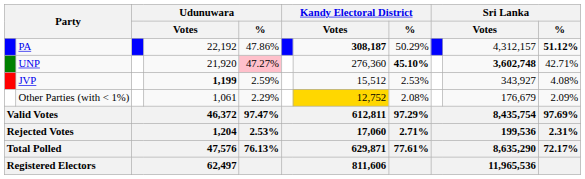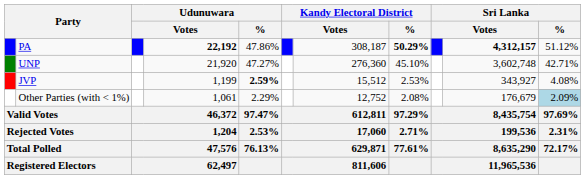 <table class="wikitable">
 <tr>
 <th colspan="2" width="144px"rowspan="2">Party</th>
 <th colspan="3" width="216px">Udunuwara</th>
 <th colspan="3" width="216px"><a href='#'>Kandy Electoral District</a></th>
 <th colspan="3" width="216px">Sri Lanka</th>
 </tr>
 <tr>
 <th colspan="2" width="144px">Votes</th>
 <th>%</th>
 <th colspan="2" width="144px">Votes</th>
 <th>%</th>
 <th colspan="2" width="144px">Votes</th>
 <th>%</th>
 </tr>
 <tr>
 <td style="background-color:blue;" width="10px"></td>
 <td style="text-align:left;"><a href='#'>PA</a></td>
 <td style="background-color:blue;" width="10px"></td>
-<td style="text-align:right;">22,192</td>
+<td style="text-align:right;"><strong>22,192</strong></td>
 <td style="text-align:right;">47.86%</td>
 <td style="background-color:blue;" width="10px"></td>
-<td style="text-align:right;"><strong>308,187</strong></td>
-<td style="text-align:right;">50.29%</td>
+<td style="text-align:right;">308,187</td>
+<td style="text-align:right;"><strong>50.29%</strong></td>
 <td style="background-color:blue;" width="10px"></td>
-<td style="text-align:right;">4,312,157</td>
-<td style="text-align:right;"><strong>51.12%</strong></td>
+<td style="text-align:right;"><strong>4,312,157</strong></td>
+<td style="text-align:right;">51.12%</td>
 </tr>
 <tr>
 <td style="background-color:green;" width="10px"></td>
 <td style="text-align:left;"><a href='#'>UNP</a></td>
 <td style="background-color:white;" width="10px"></td>
 <td style="text-align:right;">21,920</td>
-<td style="background: pink; text-align:right;">47.27%</td>
+<td style="text-align:right;">47.27%</td>
 <td style="background-color:white;" width="10px"></td>
 <td style="text-align:right;">276,360</td>
-<td style="text-align:right;"><strong>45.10%</strong></td>
+<td style="text-align:right;">45.10%</td>
 <td style="background-color:white;" width="10px"></td>
-<td style="text-align:right;"><strong>3,602,748</strong></td>
+<td style="text-align:right;">3,602,748</td>
 <td style="text-align:right;">42.71%</td>
 </tr>
 <tr>
 <td style="background-color:red;" width="10px"></td>
 <td style="text-align:left;"><a href='#'>JVP</a></td>
 <td style="background-color:white;" width="10px"></td>
-<td style="text-align:right;"><strong>1,199</strong></td>
-<td style="text-align:right;">2.59%</td>
+<td style="text-align:right;">1,199</td>
+<td style="text-align:right;"><strong>2.59%</strong></td>
 <td style="background-color:white;" width="10px"></td>
 <td style="text-align:right;">15,512</td>
 <td style="text-align:right;">2.53%</td>
 <td style="background-color:white;" width="10px"></td>
 <td style="text-align:right;">343,927</td>
 <td style="text-align:right;">4.08%</td>
 </tr>
 <tr>
 <td style="background-color:white;" width="10px"></td>
 <td style="text-align:left;">Other Parties (with < 1%)</td>
 <td style="background-color:white;" width="10px"></td>
 <td style="text-align:right;">1,061</td>
 <td style="text-align:right;">2.29%</td>
 <td style="background-color:white;" width="10px"></td>
-<td style="background: gold; text-align:right;">12,752</td>
+<td style="text-align:right;">12,752</td>
 <td style="text-align:right;">2.08%</td>
 <td style="background-color:white;" width="10px"></td>
 <td style="text-align:right;">176,679</td>
-<td style="text-align:right;">2.09%</td>
+<td style="background: lightblue; text-align:right;">2.09%</td>
 </tr>
 <tr>
 <th colspan="2" width="144px"style="text-align:left;">Valid Votes</th>
 <th style="text-align:right;"colspan="2" width="144px">46,372</th>
 <th style="text-align:right;">97.47%</th>
 <th style="text-align:right;"colspan="2" width="144px">612,811</th>
 <th style="text-align:right;">97.29%</th>
 <th style="text-align:right;"colspan="2" width="144px">8,435,754</th>
 <th style="text-align:right;">97.69%</th>
 </tr>
 <tr>
 <th colspan="2" width="144px"style="text-align:left;">Rejected Votes</th>
 <th style="text-align:right;"colspan="2" width="144px">1,204</th>
 <th style="text-align:right;">2.53%</th>
 <th style="text-align:right;"colspan="2" width="144px">17,060</th>
 <th style="text-align:right;">2.71%</th>
 <th style="text-align:right;"colspan="2" width="144px">199,536</th>
 <th style="text-align:right;">2.31%</th>
 </tr>
 <tr>
 <th colspan="2" width="144px"style="text-align:left;">Total Polled</th>
 <th style="text-align:right;"colspan="2" width="144px">47,576</th>
 <th style="text-align:right;">76.13%</th>
 <th style="text-align:right;"colspan="2" width="144px">629,871</th>
 <th style="text-align:right;">77.61%</th>
 <th style="text-align:right;"colspan="2" width="144px">8,635,290</th>
 <th style="text-align:right;">72.17%</th>
 </tr>
 <tr>
 <th colspan="2" width="144px"style="text-align:left;">Registered Electors</th>
 <th style="text-align:right;"colspan="2" width="144px">62,497</th>
 <th></th>
 <th style="text-align:right;"colspan="2" width="144px">811,606</th>
 <th></th>
 <th style="text-align:right;"colspan="2" width="144px">11,965,536</th>
 <th></th>
 </tr>
 </table>
